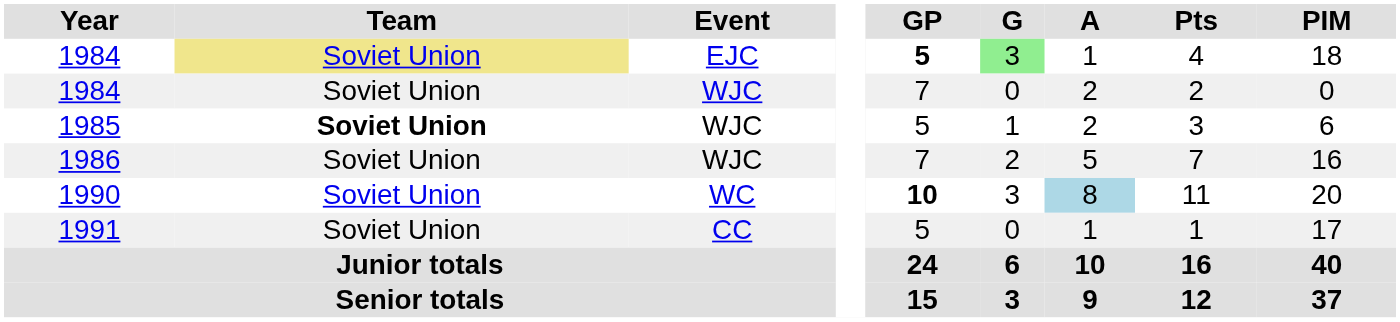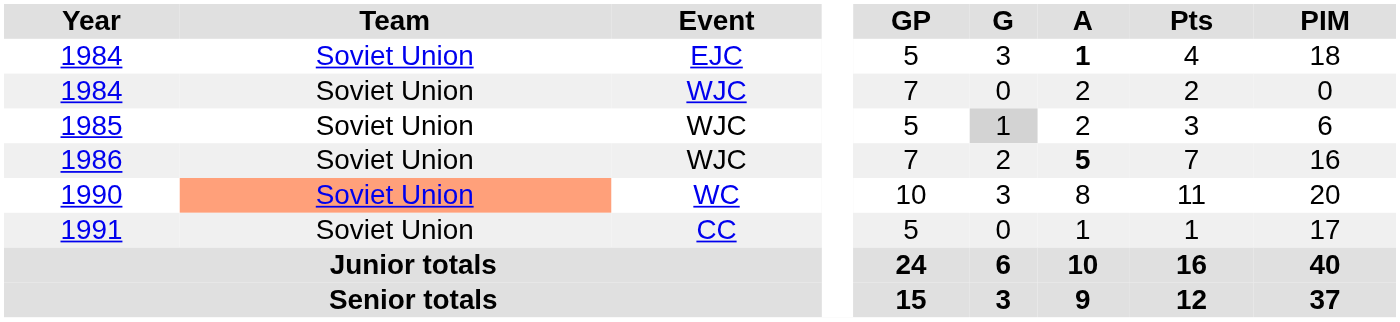 <table border="0" cellpadding="1" cellspacing="0" style="text-align:center; width:50em">
 <tr ALIGN="center" bgcolor="#e0e0e0">
 <th>Year</th>
 <th>Team</th>
 <th>Event</th>
 <th ALIGN="center" rowspan="99" bgcolor="#ffffff"> </th>
 <th>GP</th>
 <th>G</th>
 <th>A</th>
 <th>Pts</th>
 <th>PIM</th>
 </tr>
 <tr>
 <td><a href='#'>1984</a></td>
-<td style="background: khaki;"><a href='#'>Soviet Union</a></td>
+<td><a href='#'>Soviet Union</a></td>
 <td><a href='#'>EJC</a></td>
-<td><strong>5</strong></td>
-<td style="background: lightgreen;">3</td>
-<td>1</td>
+<td>5</td>
+<td>3</td>
+<td><strong>1</strong></td>
 <td>4</td>
 <td>18</td>
 </tr>
 <tr bgcolor="#f0f0f0">
 <td><a href='#'>1984</a></td>
 <td>Soviet Union</td>
 <td><a href='#'>WJC</a></td>
 <td>7</td>
 <td>0</td>
 <td>2</td>
 <td>2</td>
 <td>0</td>
 </tr>
 <tr>
 <td><a href='#'>1985</a></td>
-<td><strong>Soviet Union</strong></td>
+<td>Soviet Union</td>
 <td>WJC</td>
 <td>5</td>
-<td>1</td>
+<td style="background: lightgrey;">1</td>
 <td>2</td>
 <td>3</td>
 <td>6</td>
 </tr>
 <tr bgcolor="#f0f0f0">
 <td><a href='#'>1986</a></td>
 <td>Soviet Union</td>
 <td>WJC</td>
 <td>7</td>
 <td>2</td>
-<td>5</td>
+<td><strong>5</strong></td>
 <td>7</td>
 <td>16</td>
 </tr>
 <tr>
 <td><a href='#'>1990</a></td>
-<td><a href='#'>Soviet Union</a></td>
+<td style="background: lightsalmon;"><a href='#'>Soviet Union</a></td>
 <td><a href='#'>WC</a></td>
-<td><strong>10</strong></td>
+<td>10</td>
 <td>3</td>
-<td style="background: lightblue;">8</td>
+<td>8</td>
 <td>11</td>
 <td>20</td>
 </tr>
 <tr bgcolor="#f0f0f0">
 <td><a href='#'>1991</a></td>
 <td>Soviet Union</td>
 <td><a href='#'>CC</a></td>
 <td>5</td>
 <td>0</td>
 <td>1</td>
 <td>1</td>
 <td>17</td>
 </tr>
 <tr bgcolor="#e0e0e0">
 <th colspan=3>Junior totals</th>
 <th>24</th>
 <th>6</th>
 <th>10</th>
 <th>16</th>
 <th>40</th>
 </tr>
 <tr bgcolor="#e0e0e0">
 <th colspan=3>Senior totals</th>
 <th>15</th>
 <th>3</th>
 <th>9</th>
 <th>12</th>
 <th>37</th>
 </tr>
 </table>
